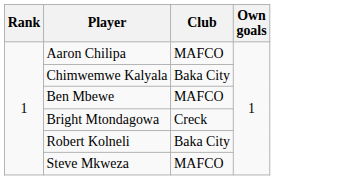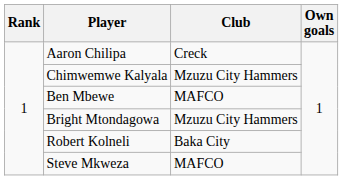 <table class="wikitable">
 <tr>
 <th>Rank</th>
 <th>Player</th>
 <th>Club</th>
 <th>Own<br>goals</th>
 </tr>
 <tr>
 <td rowspan="6" style="text-align:center;">1</td>
 <td>Aaron Chilipa</td>
-<td>MAFCO</td>
+<td>Creck</td>
 <td rowspan="6" style="text-align:center;">1</td>
 </tr>
 <tr>
 <td> Chimwemwe Kalyala</td>
-<td>Baka City</td>
+<td>Mzuzu City Hammers</td>
 </tr>
 <tr>
 <td> Ben Mbewe</td>
 <td>MAFCO</td>
 </tr>
 <tr>
 <td> Bright Mtondagowa</td>
-<td>Creck</td>
+<td>Mzuzu City Hammers</td>
 </tr>
 <tr>
 <td> Robert Kolneli</td>
 <td>Baka City</td>
 </tr>
 <tr>
 <td> Steve Mkweza</td>
 <td>MAFCO</td>
 </tr>
 </table>
